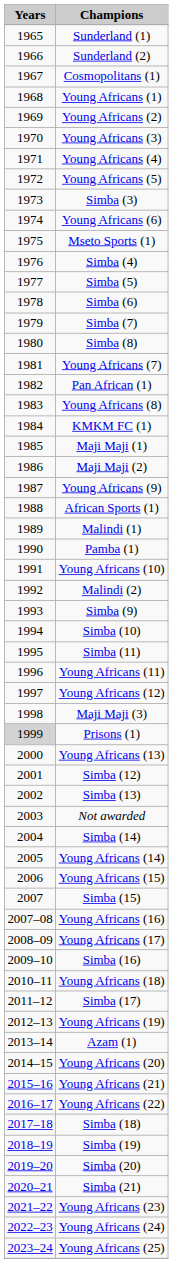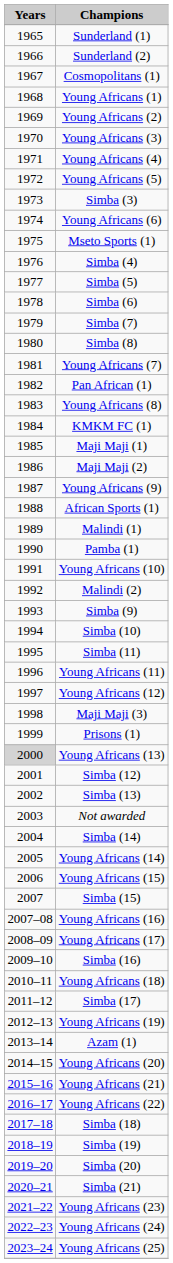 <table class="wikitable" style="text-align: center;">
 <tr bgcolor="#CCCCCC">
 <td><strong>Years</strong></td>
 <td><strong>Champions</strong></td>
 </tr>
 <tr bgcolor="#EFEFEF">
 </tr>
 <tr>
 <td>1965</td>
 <td><a href='#'>Sunderland</a> (1)</td>
 </tr>
 <tr>
 <td>1966</td>
 <td><a href='#'>Sunderland</a> (2)</td>
 </tr>
 <tr>
 <td>1967</td>
 <td><a href='#'>Cosmopolitans</a> (1)</td>
 </tr>
 <tr>
 <td>1968</td>
 <td><a href='#'>Young Africans</a> (1)</td>
 </tr>
 <tr>
 <td>1969</td>
 <td><a href='#'>Young Africans</a> (2)</td>
 </tr>
 <tr>
 <td>1970</td>
 <td><a href='#'>Young Africans</a> (3)</td>
 </tr>
 <tr>
 <td>1971</td>
 <td><a href='#'>Young Africans</a> (4)</td>
 </tr>
 <tr>
 <td>1972</td>
 <td><a href='#'>Young Africans</a> (5)</td>
 </tr>
 <tr>
 <td>1973</td>
 <td><a href='#'>Simba</a> (3)</td>
 </tr>
 <tr>
 <td>1974</td>
 <td><a href='#'>Young Africans</a> (6)</td>
 </tr>
 <tr>
 <td>1975</td>
 <td><a href='#'>Mseto Sports</a> (1)</td>
 </tr>
 <tr>
 <td>1976</td>
 <td><a href='#'>Simba</a> (4)</td>
 </tr>
 <tr>
 <td>1977</td>
 <td><a href='#'>Simba</a> (5)</td>
 </tr>
 <tr>
 <td>1978</td>
 <td><a href='#'>Simba</a> (6)</td>
 </tr>
 <tr>
 <td>1979</td>
 <td><a href='#'>Simba</a> (7)</td>
 </tr>
 <tr>
 <td>1980</td>
 <td><a href='#'>Simba</a> (8)</td>
 </tr>
 <tr>
 <td>1981</td>
 <td><a href='#'>Young Africans</a> (7)</td>
 </tr>
 <tr>
 <td>1982</td>
 <td><a href='#'>Pan African</a> (1)</td>
 </tr>
 <tr>
 <td>1983</td>
 <td><a href='#'>Young Africans</a> (8)</td>
 </tr>
 <tr>
 <td>1984</td>
 <td><a href='#'>KMKM FC</a> (1)</td>
 </tr>
 <tr>
 <td>1985</td>
 <td><a href='#'>Maji Maji</a> (1)</td>
 </tr>
 <tr>
 <td>1986</td>
 <td><a href='#'>Maji Maji</a> (2)</td>
 </tr>
 <tr>
 <td>1987</td>
 <td><a href='#'>Young Africans</a> (9)</td>
 </tr>
 <tr>
 <td>1988</td>
 <td><a href='#'>African Sports</a> (1)</td>
 </tr>
 <tr>
 <td>1989</td>
 <td><a href='#'>Malindi</a> (1)</td>
 </tr>
 <tr>
 <td>1990</td>
 <td><a href='#'>Pamba</a> (1)</td>
 </tr>
 <tr>
 <td>1991</td>
 <td><a href='#'>Young Africans</a> (10)</td>
 </tr>
 <tr>
 <td>1992</td>
 <td><a href='#'>Malindi</a> (2)</td>
 </tr>
 <tr>
 <td>1993</td>
 <td><a href='#'>Simba</a> (9)</td>
 </tr>
 <tr>
 <td>1994</td>
 <td><a href='#'>Simba</a> (10)</td>
 </tr>
 <tr>
 <td>1995</td>
 <td><a href='#'>Simba</a> (11)</td>
 </tr>
 <tr>
 <td>1996</td>
 <td><a href='#'>Young Africans</a> (11)</td>
 </tr>
 <tr>
 <td>1997</td>
 <td><a href='#'>Young Africans</a> (12)</td>
 </tr>
 <tr>
 <td>1998</td>
 <td><a href='#'>Maji Maji</a> (3)</td>
 </tr>
 <tr>
-<td style="background: lightgrey;">1999</td>
+<td>1999</td>
 <td><a href='#'>Prisons</a> (1)</td>
 </tr>
 <tr>
-<td>2000</td>
+<td style="background: lightgrey;">2000</td>
 <td><a href='#'>Young Africans</a> (13)</td>
 </tr>
 <tr>
 <td>2001</td>
 <td><a href='#'>Simba</a> (12)</td>
 </tr>
 <tr>
 <td>2002</td>
 <td><a href='#'>Simba</a> (13)</td>
 </tr>
 <tr>
 <td>2003</td>
 <td><em>Not awarded</em></td>
 </tr>
 <tr>
 <td>2004</td>
 <td><a href='#'>Simba</a> (14)</td>
 </tr>
 <tr>
 <td>2005</td>
 <td><a href='#'>Young Africans</a> (14)</td>
 </tr>
 <tr>
 <td>2006</td>
 <td><a href='#'>Young Africans</a> (15)</td>
 </tr>
 <tr>
 <td>2007</td>
 <td><a href='#'>Simba</a> (15)</td>
 </tr>
 <tr>
 <td>2007–08</td>
 <td><a href='#'>Young Africans</a> (16)</td>
 </tr>
 <tr>
 <td>2008–09</td>
 <td><a href='#'>Young Africans</a> (17)</td>
 </tr>
 <tr>
 <td>2009–10</td>
 <td><a href='#'>Simba</a> (16)</td>
 </tr>
 <tr>
 <td>2010–11</td>
 <td><a href='#'>Young Africans</a> (18)</td>
 </tr>
 <tr>
 <td>2011–12</td>
 <td><a href='#'>Simba</a> (17)</td>
 </tr>
 <tr>
 <td>2012–13</td>
 <td><a href='#'>Young Africans</a> (19)</td>
 </tr>
 <tr>
 <td>2013–14</td>
 <td><a href='#'>Azam</a> (1)</td>
 </tr>
 <tr>
 <td>2014–15</td>
 <td><a href='#'>Young Africans</a> (20)</td>
 </tr>
 <tr>
 <td><a href='#'>2015–16</a></td>
 <td><a href='#'>Young Africans</a> (21)</td>
 </tr>
 <tr>
 <td><a href='#'>2016–17</a></td>
 <td><a href='#'>Young Africans</a> (22)</td>
 </tr>
 <tr>
 <td><a href='#'>2017–18</a></td>
 <td><a href='#'>Simba</a> (18)</td>
 </tr>
 <tr>
 <td><a href='#'>2018–19</a></td>
 <td><a href='#'>Simba</a> (19)</td>
 </tr>
 <tr>
 <td><a href='#'>2019–20</a></td>
 <td><a href='#'>Simba</a> (20)</td>
 </tr>
 <tr>
 <td><a href='#'>2020–21</a></td>
 <td><a href='#'>Simba</a> (21)</td>
 </tr>
 <tr>
 <td><a href='#'>2021–22</a></td>
 <td><a href='#'>Young Africans</a> (23)</td>
 </tr>
 <tr>
 <td><a href='#'>2022–23</a></td>
 <td><a href='#'>Young Africans</a> (24)</td>
 </tr>
 <tr>
 <td><a href='#'>2023–24</a></td>
 <td><a href='#'>Young Africans</a> (25)</td>
 </tr>
 <tr>
 </tr>
 </table>
